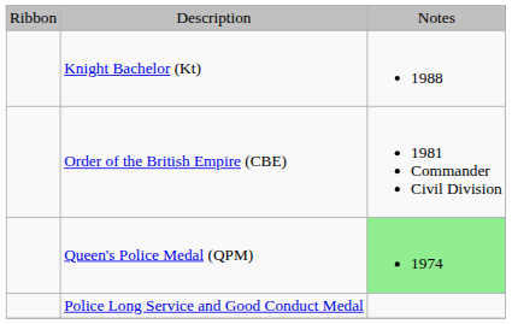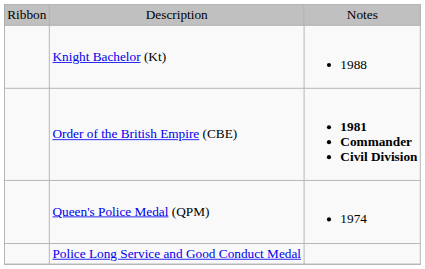 <table class="wikitable" style="margin:1em auto;">
 <tr style="background:silver;" align="center">
 <td>Ribbon</td>
 <td>Description</td>
 <td>Notes</td>
 </tr>
 <tr>
 <td></td>
 <td><a href='#'>Knight Bachelor</a> (Kt)</td>
 <td><br><ul><li>1988</li></ul></td>
 </tr>
 <tr>
 <td></td>
 <td><a href='#'>Order of the British Empire</a> (CBE)</td>
-<td><br><ul><li>1981</li><li>Commander</li><li>Civil Division</li></ul></td>
+<td><strong><br><ul><li>1981</li><li>Commander</li><li>Civil Division</li></ul></strong></td>
 </tr>
 <tr>
 <td></td>
 <td><a href='#'>Queen's Police Medal</a> (QPM)</td>
-<td style="background: lightgreen;"><br><ul><li>1974</li></ul></td>
+<td><br><ul><li>1974</li></ul></td>
 </tr>
 <tr>
 <td></td>
 <td><a href='#'>Police Long Service and Good Conduct Medal</a></td>
 <td></td>
 </tr>
 <tr>
 </tr>
 </table>
